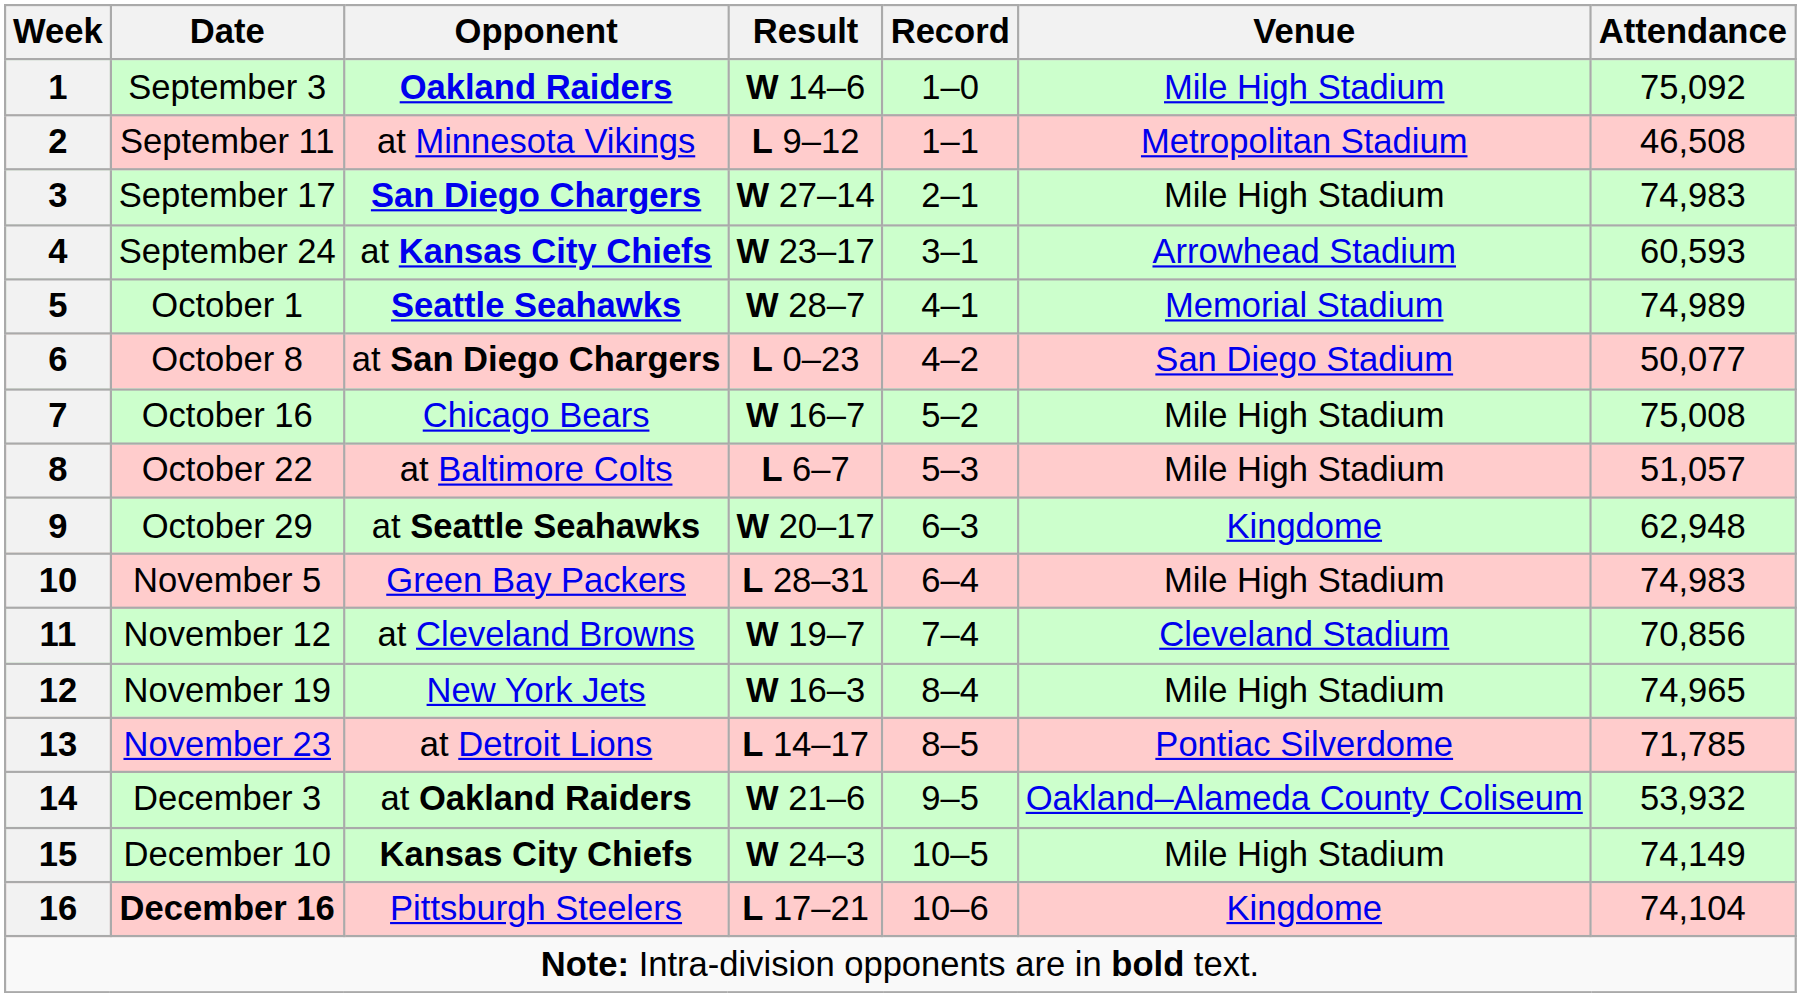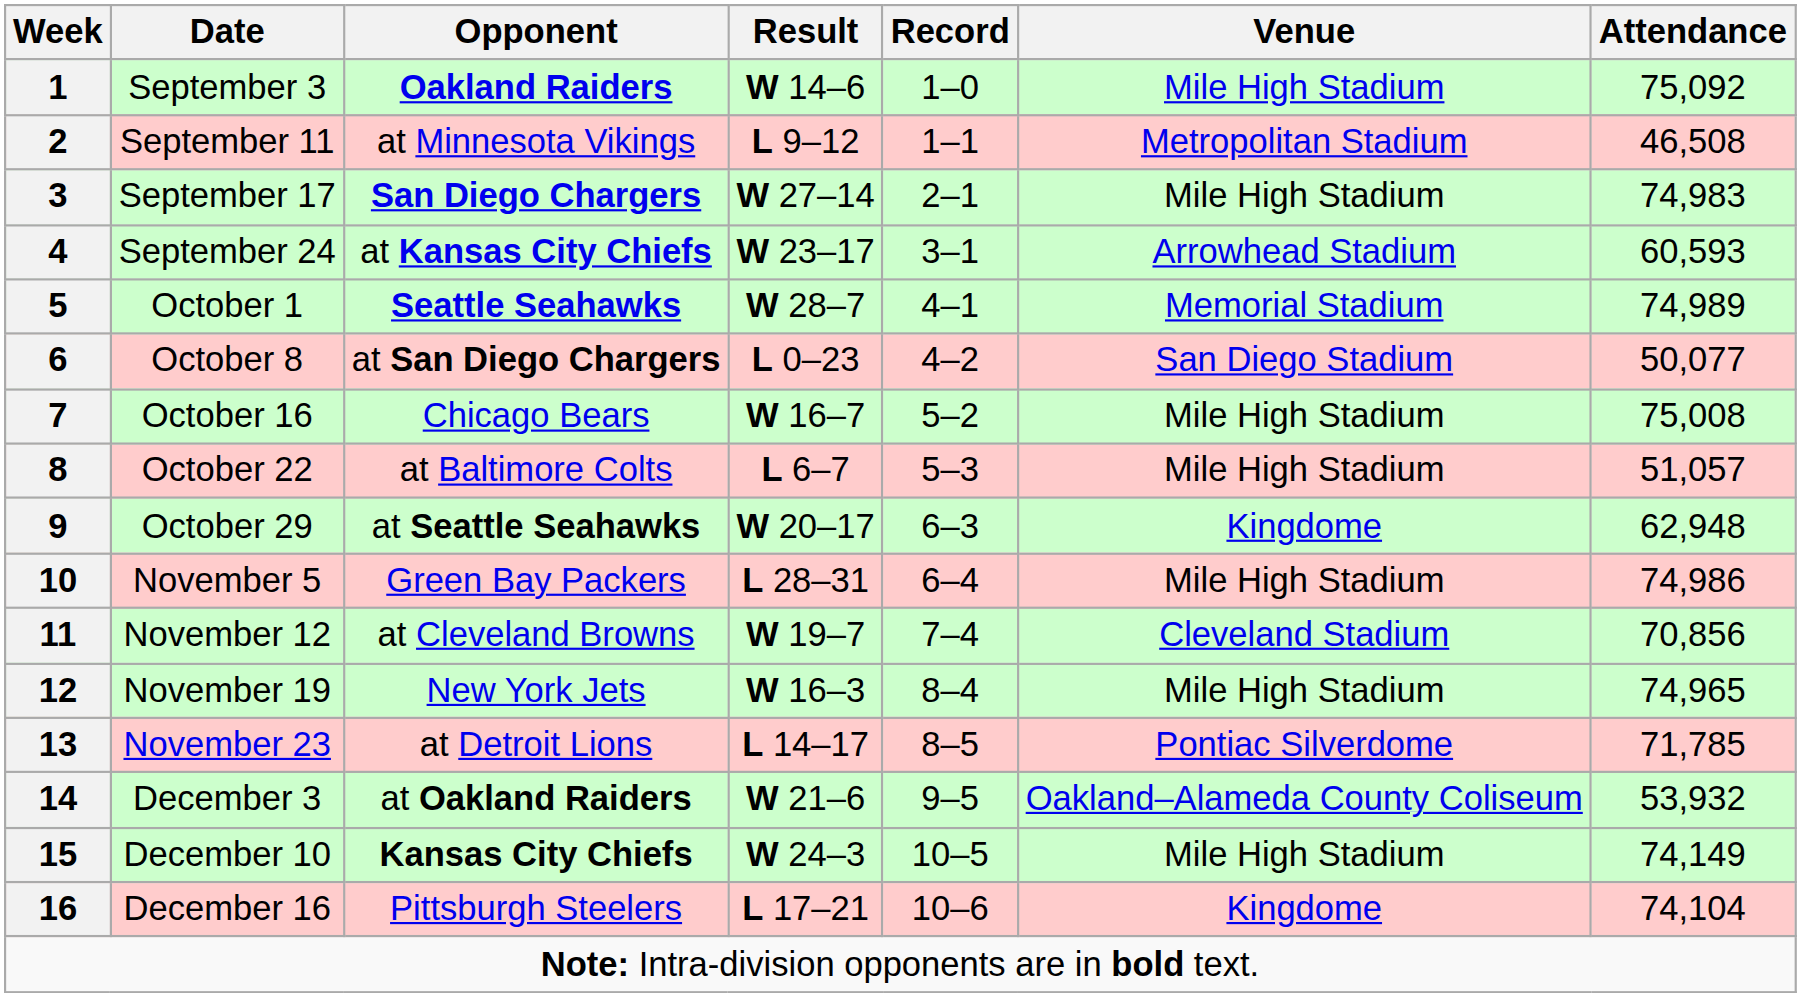 <table class="wikitable" style="text-align:center">
 <tr>
 <th>Week</th>
 <th>Date</th>
 <th>Opponent</th>
 <th>Result</th>
 <th>Record</th>
 <th>Venue</th>
 <th>Attendance</th>
 </tr>
 <tr style="background:#cfc">
 <th>1</th>
 <td>September 3</td>
 <td><strong><a href='#'>Oakland Raiders</a></strong></td>
 <td><strong>W</strong> 14–6</td>
 <td>1–0</td>
 <td><a href='#'>Mile High Stadium</a></td>
 <td>75,092</td>
 </tr>
 <tr style="background:#fcc">
 <th>2</th>
 <td>September 11</td>
 <td>at <a href='#'>Minnesota Vikings</a></td>
 <td><strong>L</strong> 9–12 </td>
 <td>1–1</td>
 <td><a href='#'>Metropolitan Stadium</a></td>
 <td>46,508</td>
 </tr>
 <tr style="background:#cfc">
 <th>3</th>
 <td>September 17</td>
 <td><strong><a href='#'>San Diego Chargers</a></strong></td>
 <td><strong>W</strong> 27–14</td>
 <td>2–1</td>
 <td>Mile High Stadium</td>
 <td>74,983</td>
 </tr>
 <tr style="background:#cfc">
 <th>4</th>
 <td>September 24</td>
 <td>at <strong><a href='#'>Kansas City Chiefs</a></strong></td>
 <td><strong>W</strong> 23–17 </td>
 <td>3–1</td>
 <td><a href='#'>Arrowhead Stadium</a></td>
 <td>60,593</td>
 </tr>
 <tr style="background:#cfc">
 <th>5</th>
 <td>October 1</td>
 <td><strong><a href='#'>Seattle Seahawks</a></strong></td>
 <td><strong>W</strong> 28–7</td>
 <td>4–1</td>
 <td><a href='#'>Memorial Stadium</a></td>
 <td>74,989</td>
 </tr>
 <tr style="background:#fcc">
 <th>6</th>
 <td>October 8</td>
 <td>at <strong>San Diego Chargers</strong></td>
 <td><strong>L</strong> 0–23</td>
 <td>4–2</td>
 <td><a href='#'>San Diego Stadium</a></td>
 <td>50,077</td>
 </tr>
 <tr style="background:#cfc">
 <th>7</th>
 <td>October 16</td>
 <td><a href='#'>Chicago Bears</a></td>
 <td><strong>W</strong> 16–7</td>
 <td>5–2</td>
 <td>Mile High Stadium</td>
 <td>75,008</td>
 </tr>
 <tr style="background:#fcc">
 <th>8</th>
 <td>October 22</td>
 <td>at <a href='#'>Baltimore Colts</a></td>
 <td><strong>L</strong> 6–7</td>
 <td>5–3</td>
 <td>Mile High Stadium</td>
 <td>51,057</td>
 </tr>
 <tr style="background:#cfc">
 <th>9</th>
 <td>October 29</td>
 <td>at <strong>Seattle Seahawks</strong></td>
 <td><strong>W</strong> 20–17 </td>
 <td>6–3</td>
 <td><a href='#'>Kingdome</a></td>
 <td>62,948</td>
 </tr>
 <tr style="background:#fcc">
 <th>10</th>
 <td>November 5</td>
 <td><a href='#'>Green Bay Packers</a></td>
 <td><strong>L</strong> 28–31</td>
 <td>6–4</td>
 <td>Mile High Stadium</td>
-<td>74,983</td>
+<td>74,986</td>
 </tr>
 <tr style="background:#cfc">
 <th>11</th>
 <td>November 12</td>
 <td>at <a href='#'>Cleveland Browns</a></td>
 <td><strong>W</strong> 19–7</td>
 <td>7–4</td>
 <td><a href='#'>Cleveland Stadium</a></td>
 <td>70,856</td>
 </tr>
 <tr style="background:#cfc">
 <th>12</th>
 <td>November 19</td>
 <td><a href='#'>New York Jets</a></td>
 <td><strong>W</strong> 16–3</td>
 <td>8–4</td>
 <td>Mile High Stadium</td>
 <td>74,965</td>
 </tr>
 <tr style="background:#fcc">
 <th>13</th>
 <td><a href='#'>November 23</a></td>
 <td>at <a href='#'>Detroit Lions</a></td>
 <td><strong>L</strong> 14–17</td>
 <td>8–5</td>
 <td><a href='#'>Pontiac Silverdome</a></td>
 <td>71,785</td>
 </tr>
 <tr style="background:#cfc">
 <th>14</th>
 <td>December 3</td>
 <td>at <strong>Oakland Raiders</strong></td>
 <td><strong>W</strong> 21–6</td>
 <td>9–5</td>
 <td><a href='#'>Oakland–Alameda County Coliseum</a></td>
 <td>53,932</td>
 </tr>
 <tr style="background: #cfc;">
 <th>15</th>
 <td>December 10</td>
 <td><strong>Kansas City Chiefs</strong></td>
 <td><strong>W</strong> 24–3</td>
 <td>10–5</td>
 <td>Mile High Stadium</td>
 <td>74,149</td>
 </tr>
 <tr style="background:#fcc">
 <th>16</th>
-<td><strong>December 16</strong></td>
+<td>December 16</td>
 <td><a href='#'>Pittsburgh Steelers</a></td>
 <td><strong>L</strong> 17–21</td>
 <td>10–6</td>
 <td><a href='#'>Kingdome</a></td>
 <td>74,104</td>
 </tr>
 <tr>
 <td colspan="8"><strong>Note:</strong> Intra-division opponents are in <strong>bold</strong> text.</td>
 </tr>
 </table>
